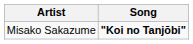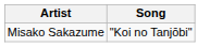 <table class="wikitable">
 <tr>
 <th>Artist</th>
 <th>Song</th>
 </tr>
 <tr>
 <td>Misako Sakazume</td>
-<td><strong>"Koi no Tanjōbi"</strong></td>
+<td>"Koi no Tanjōbi"</td>
 </tr>
 </table>
